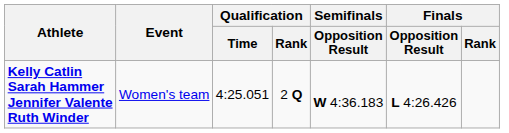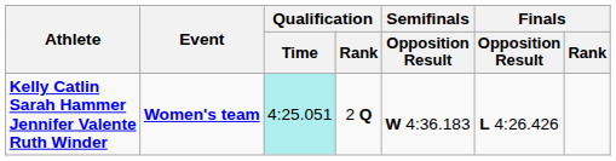 <table class=wikitable style="font-size:90%;">
 <tr>
 <th rowspan=2>Athlete</th>
 <th rowspan=2>Event</th>
 <th colspan=2>Qualification</th>
 <th>Semifinals</th>
 <th colspan=2>Finals</th>
 </tr>
 <tr style="font-size:95%">
 <th>Time</th>
 <th>Rank</th>
 <th>Opposition<br>Result</th>
 <th>Opposition<br>Result</th>
 <th>Rank</th>
 </tr>
 <tr align=center>
 <td align=left><strong><a href='#'>Kelly Catlin</a><br><a href='#'>Sarah Hammer</a><br><a href='#'>Jennifer Valente</a><br><a href='#'>Ruth Winder</a></strong></td>
-<td align=left><a href='#'>Women's team</a></td>
-<td>4:25.051</td>
+<td align=left><strong><a href='#'>Women's team</a></strong></td>
+<td style="background: paleturquoise;">4:25.051</td>
 <td>2 <strong>Q</strong></td>
 <td><br><strong>W</strong> 4:36.183</td>
 <td><br><strong>L</strong> 4:26.426</td>
 <td></td>
 </tr>
 </table>
